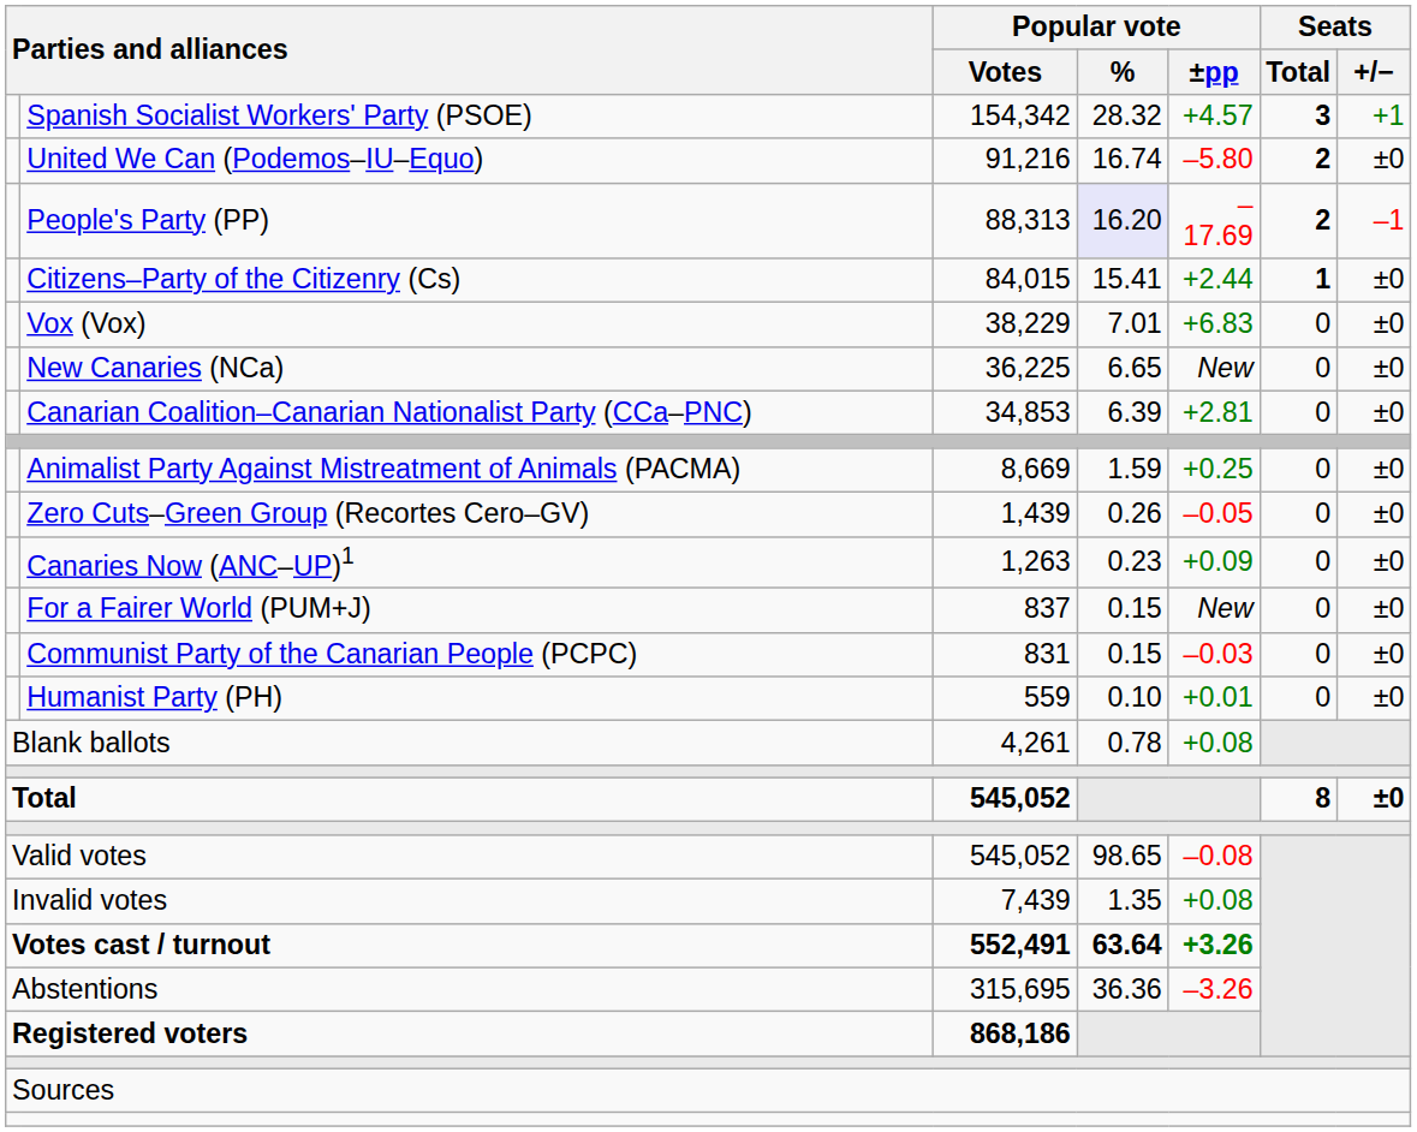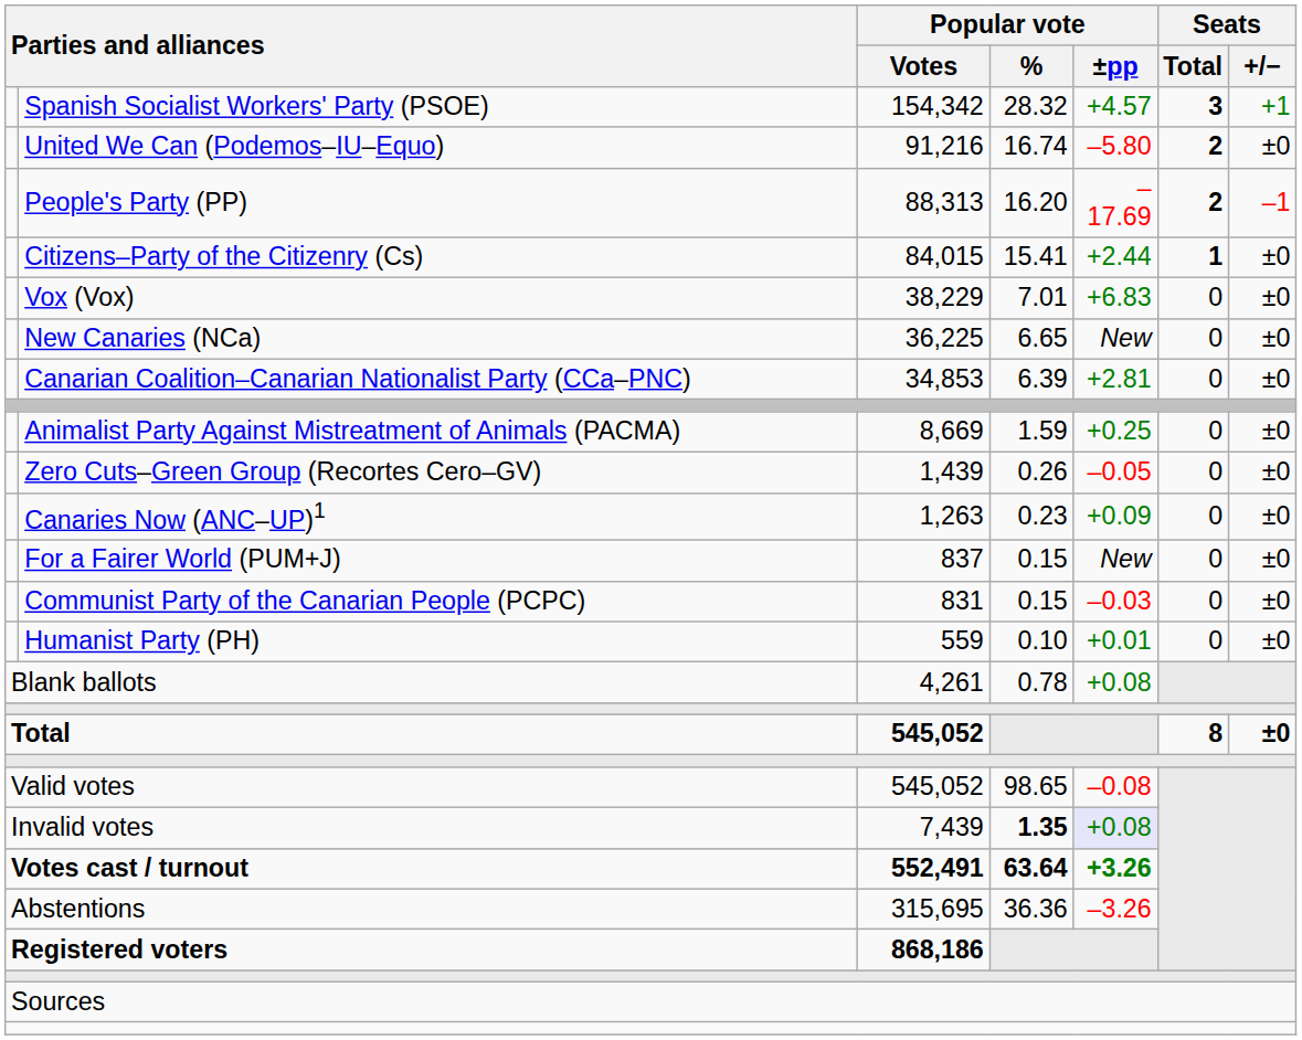 <table class="wikitable" style="text-align:right;">
 <tr>
 <th style="text-align:left;" rowspan="2" colspan="2" width="525">Parties and alliances</th>
 <th colspan="3">Popular vote</th>
 <th colspan="2">Seats</th>
 </tr>
 <tr>
 <th width="75">Votes</th>
 <th width="45">%</th>
 <th width="45">±<a href='#'>pp</a></th>
 <th width="35">Total</th>
 <th width="35">+/−</th>
 </tr>
 <tr>
 <td width="1" style="color:inherit;background:"></td>
 <td align="left"><a href='#'>Spanish Socialist Workers' Party</a> (PSOE)</td>
 <td>154,342</td>
 <td>28.32</td>
 <td style="color:green;">+4.57</td>
 <td><strong>3</strong></td>
 <td style="color:green;">+1</td>
 </tr>
 <tr>
 <td style="color:inherit;background:"></td>
 <td align="left"><a href='#'>United We Can</a> (<a href='#'>Podemos</a>–<a href='#'>IU</a>–<a href='#'>Equo</a>)</td>
 <td>91,216</td>
 <td>16.74</td>
 <td style="color:red;">–5.80</td>
 <td><strong>2</strong></td>
 <td>±0</td>
 </tr>
 <tr>
 <td style="color:inherit;background:"></td>
 <td align="left"><a href='#'>People's Party</a> (PP)</td>
 <td>88,313</td>
-<td style="background: lavender;">16.20</td>
+<td>16.20</td>
 <td style="color:red;">–17.69</td>
 <td><strong>2</strong></td>
 <td style="color:red;">–1</td>
 </tr>
 <tr>
 <td style="color:inherit;background:"></td>
 <td align="left"><a href='#'>Citizens–Party of the Citizenry</a> (Cs)</td>
 <td>84,015</td>
 <td>15.41</td>
 <td style="color:green;">+2.44</td>
 <td><strong>1</strong></td>
 <td>±0</td>
 </tr>
 <tr>
 <td style="color:inherit;background:"></td>
 <td align="left"><a href='#'>Vox</a> (Vox)</td>
 <td>38,229</td>
 <td>7.01</td>
 <td style="color:green;">+6.83</td>
 <td>0</td>
 <td>±0</td>
 </tr>
 <tr>
 <td style="color:inherit;background:"></td>
 <td align="left"><a href='#'>New Canaries</a> (NCa)</td>
 <td>36,225</td>
 <td>6.65</td>
 <td><em>New</em></td>
 <td>0</td>
 <td>±0</td>
 </tr>
 <tr>
 <td style="color:inherit;background:"></td>
 <td align="left"><a href='#'>Canarian Coalition–Canarian Nationalist Party</a> (<a href='#'>CCa</a>–<a href='#'>PNC</a>)</td>
 <td>34,853</td>
 <td>6.39</td>
 <td style="color:green;">+2.81</td>
 <td>0</td>
 <td>±0</td>
 </tr>
 <tr>
 <td colspan="7" bgcolor="#C0C0C0"></td>
 </tr>
 <tr>
 <td style="color:inherit;background:"></td>
 <td align="left"><a href='#'>Animalist Party Against Mistreatment of Animals</a> (PACMA)</td>
 <td>8,669</td>
 <td>1.59</td>
 <td style="color:green;">+0.25</td>
 <td>0</td>
 <td>±0</td>
 </tr>
 <tr>
 <td style="color:inherit;background:"></td>
 <td align="left"><a href='#'>Zero Cuts</a>–<a href='#'>Green Group</a> (Recortes Cero–GV)</td>
 <td>1,439</td>
 <td>0.26</td>
 <td style="color:red;">–0.05</td>
 <td>0</td>
 <td>±0</td>
 </tr>
 <tr>
 <td style="color:inherit;background:"></td>
 <td align="left"><a href='#'>Canaries Now</a> (<a href='#'>ANC</a>–<a href='#'>UP</a>)<sup>1</sup></td>
 <td>1,263</td>
 <td>0.23</td>
 <td style="color:green;">+0.09</td>
 <td>0</td>
 <td>±0</td>
 </tr>
 <tr>
 <td style="color:inherit;background:"></td>
 <td align="left"><a href='#'>For a Fairer World</a> (PUM+J)</td>
 <td>837</td>
 <td>0.15</td>
 <td><em>New</em></td>
 <td>0</td>
 <td>±0</td>
 </tr>
 <tr>
 <td style="color:inherit;background:"></td>
 <td align="left"><a href='#'>Communist Party of the Canarian People</a> (PCPC)</td>
 <td>831</td>
 <td>0.15</td>
 <td style="color:red;">–0.03</td>
 <td>0</td>
 <td>±0</td>
 </tr>
 <tr>
 <td style="color:inherit;background:"></td>
 <td align="left"><a href='#'>Humanist Party</a> (PH)</td>
 <td>559</td>
 <td>0.10</td>
 <td style="color:green;">+0.01</td>
 <td>0</td>
 <td>±0</td>
 </tr>
 <tr>
 <td align="left" colspan="2">Blank ballots</td>
 <td>4,261</td>
 <td>0.78</td>
 <td style="color:green;">+0.08</td>
 <td bgcolor="#E9E9E9" colspan="2"></td>
 </tr>
 <tr>
 <td colspan="7" bgcolor="#E9E9E9"></td>
 </tr>
 <tr style="font-weight:bold;">
 <td align="left" colspan="2">Total</td>
 <td>545,052</td>
 <td bgcolor="#E9E9E9" colspan="2"></td>
 <td>8</td>
 <td>±0</td>
 </tr>
 <tr>
 <td colspan="7" bgcolor="#E9E9E9"></td>
 </tr>
 <tr>
 <td align="left" colspan="2">Valid votes</td>
 <td>545,052</td>
 <td>98.65</td>
 <td style="color:red;">–0.08</td>
 <td bgcolor="#E9E9E9" colspan="2" rowspan="5"></td>
 </tr>
 <tr>
 <td align="left" colspan="2">Invalid votes</td>
 <td>7,439</td>
-<td>1.35</td>
-<td style="color:green;">+0.08</td>
+<td><strong>1.35</strong></td>
+<td style="background: lavender; color:green;">+0.08</td>
 </tr>
 <tr style="font-weight:bold;">
 <td align="left" colspan="2">Votes cast / turnout</td>
 <td>552,491</td>
 <td>63.64</td>
 <td style="color:green;">+3.26</td>
 </tr>
 <tr>
 <td align="left" colspan="2">Abstentions</td>
 <td>315,695</td>
 <td>36.36</td>
 <td style="color:red;">–3.26</td>
 </tr>
 <tr style="font-weight:bold;">
 <td align="left" colspan="2">Registered voters</td>
 <td>868,186</td>
 <td bgcolor="#E9E9E9" colspan="2"></td>
 </tr>
 <tr>
 <td colspan="7" bgcolor="#E9E9E9"></td>
 </tr>
 <tr>
 <td align="left" colspan="7">Sources</td>
 </tr>
 <tr>
 <td colspan="7" style="text-align:left; max-width:790px;"></td>
 </tr>
 </table>
